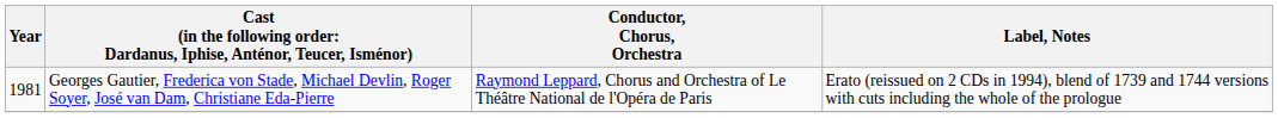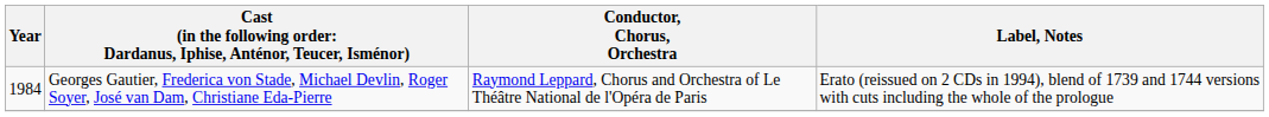 <table class="wikitable">
 <tr>
 <th>Year</th>
 <th>Cast<br>(in the following order:<br>Dardanus, Iphise, Anténor, Teucer, Isménor)</th>
 <th>Conductor,<br>Chorus, <br>Orchestra</th>
 <th>Label, Notes</th>
 </tr>
 <tr>
-<td>1981</td>
+<td>1984</td>
 <td>Georges Gautier, <a href='#'>Frederica von Stade</a>, <a href='#'>Michael Devlin</a>, <a href='#'>Roger Soyer</a>, <a href='#'>José van Dam</a>, <a href='#'>Christiane Eda-Pierre</a></td>
 <td><a href='#'>Raymond Leppard</a>, Chorus and Orchestra of Le Théâtre National de l'Opéra de Paris</td>
 <td>Erato (reissued on 2 CDs in 1994), blend of 1739 and 1744 versions with cuts including the whole of the prologue</td>
 </tr>
 <tr>
 </tr>
 </table>
